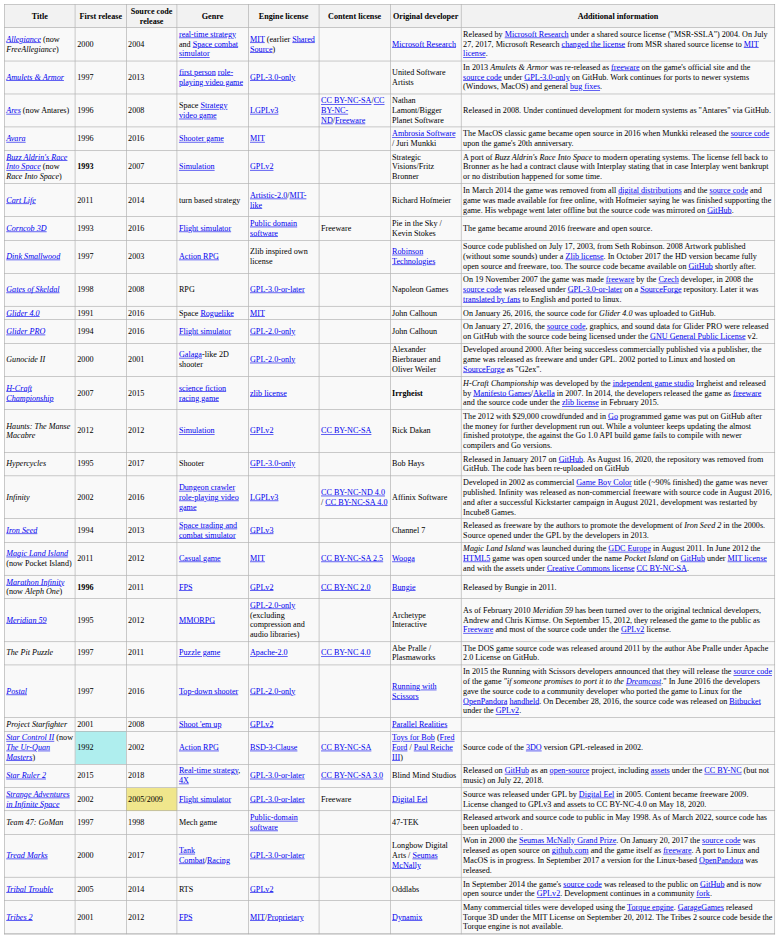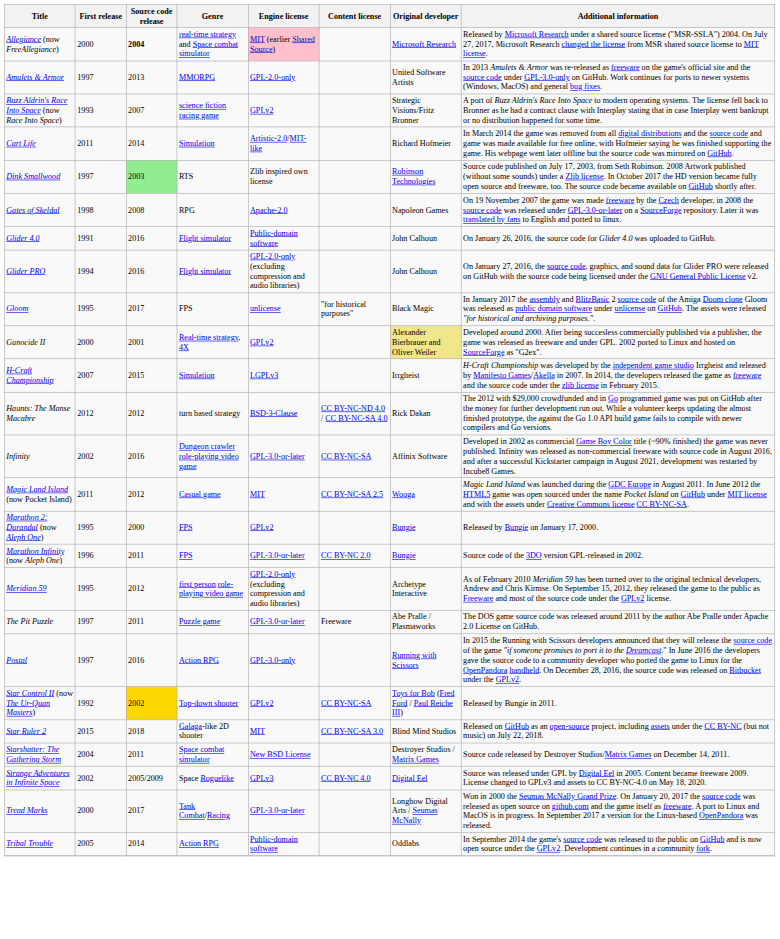 <table class="wikitable sortable" style="font-size:smaller;word-wrap:break-word;table-layout:fixed;width:100%;">
 <tr>
 <th style="width: 10%;">Title</th>
 <th style="width: 7%;">First release</th>
 <th style="width: 7%;">Source code release</th>
 <th style="width: 10%;">Genre</th>
 <th style="width: 10%;">Engine license</th>
 <th style="width: 10%;">Content license</th>
 <th style="width: 10%;">Original developer</th>
 <th style="width: 46%;">Additional information</th>
 </tr>
 <tr>
 <td><em><a href='#'>Allegiance</a></em> (now <em>FreeAllegiance</em>)</td>
 <td>2000</td>
-<td>2004</td>
+<td><strong>2004</strong></td>
 <td><a href='#'>real-time strategy</a> and <a href='#'>Space combat simulator</a></td>
-<td><a href='#'>MIT</a> (earlier <a href='#'>Shared Source</a>)</td>
+<td style="background: pink;"><a href='#'>MIT</a> (earlier <a href='#'>Shared Source</a>)</td>
 <td></td>
 <td><a href='#'>Microsoft Research</a></td>
 <td>Released by <a href='#'>Microsoft Research</a> under a shared source license ("MSR-SSLA") 2004. On July 27, 2017, Microsoft Research <a href='#'>changed the license</a> from MSR shared source license to <a href='#'>MIT license</a>.</td>
 </tr>
 <tr>
 <td><em><a href='#'>Amulets & Armor</a></em></td>
 <td>1997</td>
 <td>2013</td>
-<td><a href='#'>first person</a> <a href='#'>role-playing video game</a></td>
-<td><a href='#'>GPL-3.0-only</a></td>
+<td><a href='#'>MMORPG</a></td>
+<td><a href='#'>GPL-2.0-only</a></td>
 <td></td>
 <td>United Software Artists</td>
 <td>In 2013 <em>Amulets & Armor</em> was re-released as <a href='#'>freeware</a> on the game's official site and the <a href='#'>source code</a> under <a href='#'>GPL-3.0-only</a> on GitHub. Work continues for ports to newer systems (Windows, MacOS) and general <a href='#'>bug fixes</a>.</td>
 </tr>
 <tr>
-<td><em><a href='#'>Ares</a></em> (now Antares)</td>
-<td>1996</td>
-<td>2008</td>
-<td>Space <a href='#'>Strategy video game</a></td>
-<td><a href='#'>LGPLv3</a></td>
-<td><a href='#'>CC BY-NC-SA</a>/<a href='#'>CC BY-NC-ND</a>/<a href='#'>Freeware</a></td>
-<td>Nathan Lamont/Bigger Planet Software</td>
-<td>Released in 2008. Under continued development for modern systems as "Antares" via GitHub.</td>
-</tr>
-<tr>
-<td><em><a href='#'>Avara</a></em></td>
-<td>1996</td>
-<td>2016</td>
-<td><a href='#'>Shooter game</a></td>
-<td><a href='#'>MIT</a></td>
-<td></td>
-<td><a href='#'>Ambrosia Software</a> / Juri Munkki</td>
-<td>The MacOS classic game became open source in 2016 when Munkki released the <a href='#'>source code</a> upon the game's 20th anniversary.</td>
-</tr>
-<tr>
 <td><em><a href='#'>Buzz Aldrin's Race Into Space</a></em> (now <em>Race Into Space</em>)</td>
-<td><strong>1993</strong></td>
+<td>1993</td>
 <td>2007</td>
-<td><a href='#'>Simulation</a></td>
+<td><a href='#'>science fiction</a> <a href='#'>racing game</a></td>
 <td><a href='#'>GPLv2</a></td>
 <td></td>
 <td>Strategic Visions/Fritz Bronner</td>
 <td>A port of <em>Buzz Aldrin's Race Into Space</em> to modern operating systems. The license fell back to Bronner as he had a contract clause with Interplay stating that in case Interplay went bankrupt or no distribution happened for some time.</td>
 </tr>
 <tr>
 <td><em><a href='#'>Cart Life</a></em></td>
 <td>2011</td>
 <td>2014</td>
-<td>turn based strategy</td>
+<td><a href='#'>Simulation</a></td>
 <td><a href='#'>Artistic-2.0</a>/<a href='#'>MIT-like</a> </td>
 <td></td>
 <td>Richard Hofmeier</td>
 <td>In March 2014 the game was removed from all <a href='#'>digital distributions</a> and the <a href='#'>source code</a> and game was made available for free online, with Hofmeier saying he was finished supporting the game. His webpage went later offline but the source code was mirrored on <a href='#'>GitHub</a>.</td>
 </tr>
 <tr>
-<td><em><a href='#'>Corncob 3D</a></em></td>
-<td>1993</td>
-<td>2016</td>
-<td><a href='#'>Flight simulator</a></td>
-<td><a href='#'>Public domain software</a></td>
-<td>Freeware</td>
-<td>Pie in the Sky / Kevin Stokes</td>
-<td>The game became around 2016 freeware and open source.</td>
-</tr>
-<tr>
 <td><em><a href='#'>Dink Smallwood</a></em></td>
 <td>1997</td>
-<td>2003</td>
-<td><a href='#'>Action RPG</a></td>
+<td style="background: lightgreen;">2003</td>
+<td>RTS</td>
 <td>Zlib inspired own license</td>
 <td></td>
 <td><a href='#'>Robinson Technologies</a></td>
 <td>Source code published on July 17, 2003, from Seth Robinson. 2008 Artwork published (without some sounds) under a <a href='#'>Zlib license</a>. In October 2017 the HD version became fully open source and freeware, too. The source code became available on <a href='#'>GitHub</a> shortly after.</td>
 </tr>
 <tr>
 <td><em><a href='#'>Gates of Skeldal</a></em></td>
 <td>1998</td>
 <td>2008</td>
 <td>RPG</td>
-<td><a href='#'>GPL-3.0-or-later</a></td>
+<td><a href='#'>Apache-2.0</a></td>
 <td></td>
 <td>Napoleon Games</td>
 <td>On 19 November 2007 the game was made <a href='#'>freeware</a> by the <a href='#'>Czech</a> developer, in 2008 the <a href='#'>source code</a> was released under <a href='#'>GPL-3.0-or-later</a> on a <a href='#'>SourceForge</a> repository. Later it was <a href='#'>translated by fans</a> to English and ported to linux.</td>
 </tr>
 <tr>
 <td><em><a href='#'>Glider 4.0</a></em></td>
 <td>1991</td>
 <td>2016</td>
-<td>Space <a href='#'>Roguelike</a></td>
-<td><a href='#'>MIT</a></td>
+<td><a href='#'>Flight simulator</a></td>
+<td><a href='#'>Public-domain software</a></td>
 <td></td>
 <td>John Calhoun</td>
 <td>On January 26, 2016, the source code for <em>Glider 4.0</em> was uploaded to GitHub.</td>
 </tr>
 <tr>
 <td><em><a href='#'>Glider PRO</a></em></td>
 <td>1994</td>
 <td>2016</td>
 <td><a href='#'>Flight simulator</a></td>
-<td><a href='#'>GPL-2.0-only</a></td>
+<td><a href='#'>GPL-2.0-only</a> (excluding compression and audio libraries)</td>
 <td></td>
 <td>John Calhoun</td>
 <td>On January 27, 2016, the <a href='#'>source code</a>, graphics, and sound data for Glider PRO were released on GitHub with the source code being licensed under the <a href='#'>GNU General Public License</a> v2.</td>
 </tr>
 <tr>
+<td><em><a href='#'>Gloom</a></em></td>
+<td>1995</td>
+<td>2017</td>
+<td>FPS</td>
+<td><a href='#'>unlicense</a></td>
+<td>"for historical purposes"</td>
+<td>Black Magic</td>
+<td>In January 2017 the <a href='#'>assembly</a> and <a href='#'>BlitzBasic</a> 2 <a href='#'>source code</a> of the Amiga <a href='#'>Doom clone</a> Gloom was released as <a href='#'>public domain software</a> under <a href='#'>unlicense</a> on <a href='#'>GitHub</a>. The assets were released <em>"for historical and archiving purposes."</em>.</td>
+</tr>
+<tr>
 <td><em>Gunocide II</em></td>
 <td>2000</td>
 <td>2001</td>
-<td><a href='#'>Galaga</a>-like 2D shooter</td>
-<td><a href='#'>GPL-2.0-only</a></td>
+<td><a href='#'>Real-time strategy</a>, <a href='#'>4X</a></td>
+<td><a href='#'>GPLv2</a></td>
 <td></td>
-<td>Alexander Bierbrauer and Oliver Weiler</td>
+<td style="background: khaki;">Alexander Bierbrauer and Oliver Weiler</td>
 <td>Developed around 2000. After being succesless commercially published via a publisher, the game was released as freeware and under GPL. 2002 ported to Linux and hosted on <a href='#'>SourceForge</a> as "G2ex".</td>
 </tr>
 <tr>
 <td><em><a href='#'>H-Craft Championship</a></em></td>
 <td>2007</td>
 <td>2015</td>
-<td><a href='#'>science fiction</a> <a href='#'>racing game</a></td>
-<td><a href='#'>zlib license</a></td>
+<td><a href='#'>Simulation</a></td>
+<td><a href='#'>LGPLv3</a></td>
 <td></td>
-<td><strong>Irrgheist</strong></td>
+<td>Irrgheist</td>
 <td><em>H-Craft Championship</em> was developed by the <a href='#'>independent game studio</a> Irrgheist and released by <a href='#'>Manifesto Games</a>/<a href='#'>Akella</a> in 2007. In 2014, the developers released the game as <a href='#'>freeware</a> and the source code under the <a href='#'>zlib license</a> in February 2015.</td>
 </tr>
 <tr>
 <td><em>Haunts: The Manse Macabre</em></td>
 <td>2012</td>
 <td>2012</td>
-<td><a href='#'>Simulation</a></td>
-<td><a href='#'>GPLv2</a></td>
-<td><a href='#'>CC BY-NC-SA</a></td>
+<td>turn based strategy</td>
+<td><a href='#'>BSD-3-Clause</a></td>
+<td><a href='#'>CC BY-NC-ND 4.0</a> / <a href='#'>CC BY-NC-SA 4.0</a></td>
 <td>Rick Dakan</td>
 <td>The 2012 with $29,000 crowdfunded and in <a href='#'>Go</a> programmed game was put on GitHub after the money for further development run out. While a volunteer keeps updating the almost finished prototype, the against the Go 1.0 API build game fails to compile with newer compilers and Go versions.</td>
-</tr>
-<tr>
-<td><em>Hypercycles</em></td>
-<td>1995</td>
-<td>2017</td>
-<td>Shooter</td>
-<td><a href='#'>GPL-3.0-only</a></td>
-<td></td>
-<td>Bob Hays</td>
-<td>Released in January 2017 on <a href='#'>GitHub</a>. As August 16, 2020, the repository was removed from GitHub. The code has been re-uploaded on GitHub</td>
 </tr>
 <tr>
 <td><em>Infinity</em></td>
 <td>2002</td>
 <td>2016</td>
 <td><a href='#'>Dungeon crawler</a> <a href='#'>role-playing video game</a></td>
-<td><a href='#'>LGPLv3</a></td>
-<td><a href='#'>CC BY-NC-ND 4.0</a> / <a href='#'>CC BY-NC-SA 4.0</a></td>
+<td><a href='#'>GPL-3.0-or-later</a></td>
+<td><a href='#'>CC BY-NC-SA</a></td>
 <td>Affinix Software</td>
 <td>Developed in 2002 as commercial <a href='#'>Game Boy Color</a> title (~90% finished) the game was never published. Infinity was released as non-commercial freeware with source code in August 2016, and after a successful Kickstarter campaign in August 2021, development was restarted by Incube8 Games.</td>
-</tr>
-<tr>
-<td><em><a href='#'>Iron Seed</a></em></td>
-<td>1994</td>
-<td>2013</td>
-<td><a href='#'>Space trading and combat simulator</a></td>
-<td><a href='#'>GPLv3</a></td>
-<td></td>
-<td>Channel 7</td>
-<td>Released as freeware by the authors to promote the development of <em>Iron Seed 2</em> in the 2000s. Source opened under the GPL by the developers in 2013.</td>
 </tr>
 <tr>
 <td><em><a href='#'>Magic Land Island</a></em> (now Pocket Island)</td>
 <td>2011</td>
 <td>2012</td>
 <td><a href='#'>Casual game</a></td>
 <td><a href='#'>MIT</a></td>
 <td><a href='#'>CC BY-NC-SA 2.5</a></td>
 <td><a href='#'>Wooga</a></td>
 <td><em>Magic Land Island</em> was launched during the <a href='#'>GDC Europe</a> in August 2011. In June 2012 the <a href='#'>HTML5</a> game was open sourced under the name <em>Pocket Island</em> on <a href='#'>GitHub</a> under <a href='#'>MIT license</a> and with the assets under <a href='#'>Creative Commons license</a> <a href='#'>CC BY-NC-SA</a>.</td>
 </tr>
 <tr>
+<td><em><a href='#'>Marathon 2: Durandal</a></em> (now <em><a href='#'>Aleph One</a></em>)</td>
+<td>1995</td>
+<td>2000</td>
+<td><a href='#'>FPS</a></td>
+<td><a href='#'>GPLv2</a></td>
+<td></td>
+<td><a href='#'>Bungie</a></td>
+<td>Released by <a href='#'>Bungie</a> on January 17, 2000.</td>
+</tr>
+<tr>
 <td><em><a href='#'>Marathon Infinity</a></em> (now <em>Aleph One</em>)</td>
-<td><strong>1996</strong></td>
+<td>1996</td>
 <td>2011</td>
 <td><a href='#'>FPS</a></td>
-<td><a href='#'>GPLv2</a></td>
+<td><a href='#'>GPL-3.0-or-later</a></td>
 <td><a href='#'>CC BY-NC 2.0</a></td>
 <td><a href='#'>Bungie</a></td>
-<td>Released by Bungie in 2011.</td>
+<td>Source code of the <a href='#'>3DO</a> version GPL-released in 2002.</td>
 </tr>
 <tr>
 <td><em><a href='#'>Meridian 59</a></em></td>
 <td>1995</td>
 <td>2012</td>
-<td><a href='#'>MMORPG</a></td>
+<td><a href='#'>first person</a> <a href='#'>role-playing video game</a></td>
 <td><a href='#'>GPL-2.0-only</a> (excluding compression and audio libraries)</td>
 <td></td>
 <td>Archetype Interactive</td>
 <td>As of February 2010 <em>Meridian 59</em> has been turned over to the original technical developers, Andrew and Chris Kirmse. On September 15, 2012, they released the game to the public as <a href='#'>Freeware</a> and most of the source code under the <a href='#'>GPLv2</a> license.</td>
 </tr>
 <tr>
 <td><em>The Pit Puzzle</em></td>
 <td>1997</td>
 <td>2011</td>
 <td><a href='#'>Puzzle game</a></td>
-<td><a href='#'>Apache-2.0</a></td>
-<td><a href='#'>CC BY-NC 4.0</a></td>
+<td><a href='#'>GPL-3.0-or-later</a></td>
+<td>Freeware</td>
 <td>Abe Pralle / Plasmaworks</td>
 <td>The DOS game source code was released around 2011 by the author Abe Pralle under Apache 2.0 License on GitHub.</td>
 </tr>
 <tr>
 <td><em><a href='#'>Postal</a></em></td>
 <td>1997</td>
 <td>2016</td>
-<td><a href='#'>Top-down shooter</a></td>
-<td><a href='#'>GPL-2.0-only</a></td>
+<td><a href='#'>Action RPG</a></td>
+<td><a href='#'>GPL-3.0-only</a></td>
 <td></td>
 <td><a href='#'>Running with Scissors</a></td>
 <td>In 2015 the Running with Scissors developers announced that they will release the <a href='#'>source code</a> of the game <em>"if someone promises to port it to the <a href='#'>Dreamcast</a></em>." In June 2016 the developers gave the source code to a community developer who ported the game to Linux for the <a href='#'>OpenPandora</a> <a href='#'>handheld</a>. On December 28, 2016, the source code was released on <a href='#'>Bitbucket</a> under the <a href='#'>GPLv2</a>.</td>
 </tr>
 <tr>
-<td><em>Project Starfighter</em></td>
-<td>2001</td>
-<td>2008</td>
-<td><a href='#'>Shoot 'em up</a></td>
+<td><em><a href='#'>Star Control II</a></em> (now <em><a href='#'>The Ur-Quan Masters</a></em>)</td>
+<td>1992</td>
+<td style="background: gold;">2002</td>
+<td><a href='#'>Top-down shooter</a></td>
 <td><a href='#'>GPLv2</a></td>
-<td></td>
-<td><a href='#'>Parallel Realities</a></td>
-<td></td>
-</tr>
-<tr>
-<td><em><a href='#'>Star Control II</a></em> (now <em><a href='#'>The Ur-Quan Masters</a></em>)</td>
-<td style="background: paleturquoise;">1992</td>
-<td>2002</td>
-<td><a href='#'>Action RPG</a></td>
-<td><a href='#'>BSD-3-Clause</a></td>
 <td><a href='#'>CC BY-NC-SA</a></td>
 <td><a href='#'>Toys for Bob</a> (<a href='#'>Fred Ford</a> / <a href='#'>Paul Reiche III</a>)</td>
-<td>Source code of the <a href='#'>3DO</a> version GPL-released in 2002.</td>
+<td>Released by Bungie in 2011.</td>
 </tr>
 <tr>
 <td><em><a href='#'>Star Ruler 2</a></em></td>
 <td>2015</td>
 <td>2018</td>
-<td><a href='#'>Real-time strategy</a>, <a href='#'>4X</a></td>
-<td><a href='#'>GPL-3.0-or-later</a></td>
+<td><a href='#'>Galaga</a>-like 2D shooter</td>
+<td><a href='#'>MIT</a></td>
 <td><a href='#'>CC BY-NC-SA 3.0</a></td>
 <td>Blind Mind Studios</td>
 <td>Released on <a href='#'>GitHub</a> as an <a href='#'>open-source</a> project, including <a href='#'>assets</a> under the <a href='#'>CC BY-NC</a> (but not music) on July 22, 2018.</td>
 </tr>
 <tr>
+<td><em><a href='#'>Starshatter: The Gathering Storm</a></em></td>
+<td>2004</td>
+<td>2011</td>
+<td><a href='#'>Space combat simulator</a></td>
+<td><a href='#'>New BSD License</a></td>
+<td></td>
+<td>Destroyer Studios / <a href='#'>Matrix Games</a></td>
+<td>Source code released by Destroyer Studios/<a href='#'>Matrix Games</a> on December 14, 2011.</td>
+</tr>
+<tr>
 <td><em><a href='#'>Strange Adventures in Infinite Space</a></em></td>
 <td>2002</td>
-<td style="background: khaki;">2005/2009</td>
-<td><a href='#'>Flight simulator</a></td>
-<td><a href='#'>GPL-3.0-or-later</a></td>
-<td>Freeware</td>
+<td>2005/2009</td>
+<td>Space <a href='#'>Roguelike</a></td>
+<td><a href='#'>GPLv3</a></td>
+<td><a href='#'>CC BY-NC 4.0</a></td>
 <td><a href='#'>Digital Eel</a></td>
 <td>Source was released under GPL by <a href='#'>Digital Eel</a> in 2005. Content became freeware 2009. License changed to GPLv3 and assets to CC BY-NC-4.0 on May 18, 2020.</td>
-</tr>
-<tr>
-<td><em>Team 47: GoMan</em></td>
-<td>1997</td>
-<td>1998</td>
-<td>Mech game</td>
-<td><a href='#'>Public-domain software</a></td>
-<td></td>
-<td>47-TEK</td>
-<td>Released artwork and source code to public in May 1998. As of March 2022, source code has been uploaded to .</td>
 </tr>
 <tr>
 <td><em><a href='#'>Tread Marks</a></em></td>
 <td>2000</td>
 <td>2017</td>
 <td><a href='#'>Tank Combat</a>/<a href='#'>Racing</a></td>
 <td><a href='#'>GPL-3.0-or-later</a></td>
 <td></td>
 <td>Longbow Digital Arts / <a href='#'>Seumas McNally</a></td>
 <td>Won in 2000 the <a href='#'>Seumas McNally Grand Prize</a>. On January 20, 2017 the <a href='#'>source code</a> was released as open source on <a href='#'>github.com</a> and the game itself as <a href='#'>freeware</a>. A port to Linux and MacOS is in progress. In September 2017 a version for the Linux-based <a href='#'>OpenPandora</a> was released.</td>
 </tr>
 <tr>
 <td><em><a href='#'>Tribal Trouble</a></em></td>
 <td>2005</td>
 <td>2014</td>
-<td>RTS</td>
-<td><a href='#'>GPLv2</a></td>
+<td><a href='#'>Action RPG</a></td>
+<td><a href='#'>Public-domain software</a></td>
 <td></td>
 <td>Oddlabs</td>
 <td>In September 2014 the game's <a href='#'>source code</a> was released to the public on <a href='#'>GitHub</a> and is now open source under the <a href='#'>GPLv2</a>. Development continues in a community <a href='#'>fork</a>.</td>
 </tr>
 <tr>
-<td><em><a href='#'>Tribes 2</a></em></td>
-<td>2001</td>
-<td>2012</td>
-<td><a href='#'>FPS</a></td>
-<td><a href='#'>MIT</a>/<a href='#'>Proprietary</a> </td>
-<td></td>
-<td><a href='#'>Dynamix</a></td>
-<td>Many commercial titles were developed using the <a href='#'>Torque engine</a>. <a href='#'>GarageGames</a> released Torque 3D under the MIT License on September 20, 2012. The Tribes 2 source code beside the Torque engine is not available.</td>
-</tr>
-<tr>
 </tr>
 </table>
